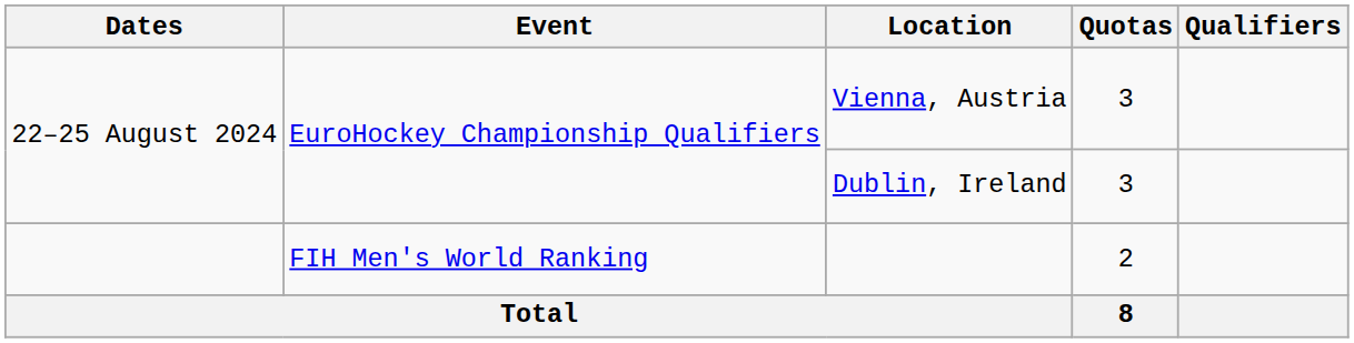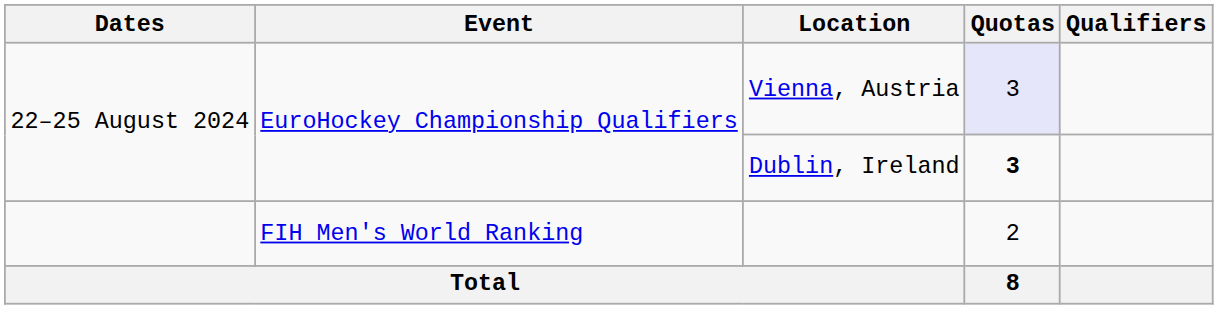 <table class=wikitable>
 <tr>
 <th>Dates</th>
 <th>Event</th>
 <th>Location</th>
 <th>Quotas</th>
 <th>Qualifiers</th>
 </tr>
 <tr>
 <td rowspan=2>22–25 August 2024</td>
 <td rowspan=2><a href='#'>EuroHockey Championship Qualifiers</a></td>
 <td><a href='#'>Vienna</a>, Austria</td>
-<td align=center>3</td>
+<td align=center style="background: lavender;">3</td>
 <td><s></s><br><br><br></td>
 </tr>
 <tr>
 <td><a href='#'>Dublin</a>, Ireland</td>
-<td align=center>3</td>
+<td align=center><strong>3</strong></td>
 <td><br><br></td>
 </tr>
 <tr>
 <td></td>
 <td><a href='#'>FIH Men's World Ranking</a></td>
 <td></td>
 <td align=center>2</td>
 <td><br><br><s></s></td>
 </tr>
 <tr>
 <th colspan=3>Total</th>
 <th>8</th>
 <th></th>
 </tr>
 </table>
